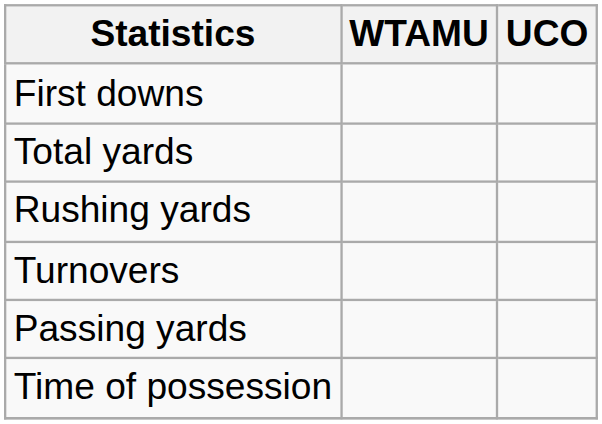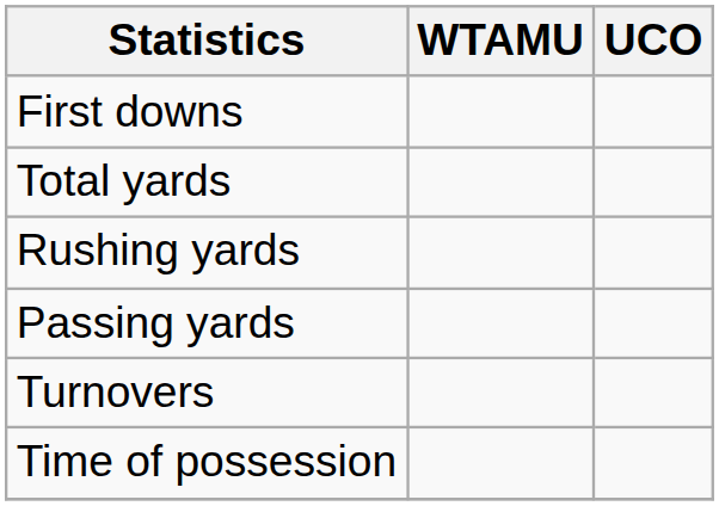 <table class="wikitable" style="float: left;">
 <tr>
 <th>Statistics</th>
 <th>WTAMU</th>
 <th>UCO</th>
 </tr>
 <tr>
 <td>First downs</td>
 <td></td>
 <td></td>
 </tr>
 <tr>
 <td>Total yards</td>
 <td></td>
 <td></td>
 </tr>
 <tr>
 <td>Rushing yards</td>
 <td></td>
 <td></td>
 </tr>
 <tr>
-<td>Turnovers</td>
+<td>Passing yards</td>
 <td></td>
 <td></td>
 </tr>
 <tr>
-<td>Passing yards</td>
+<td>Turnovers</td>
 <td></td>
 <td></td>
 </tr>
 <tr>
 <td>Time of possession</td>
 <td></td>
 <td></td>
 </tr>
 <tr>
 </tr>
 </table>
